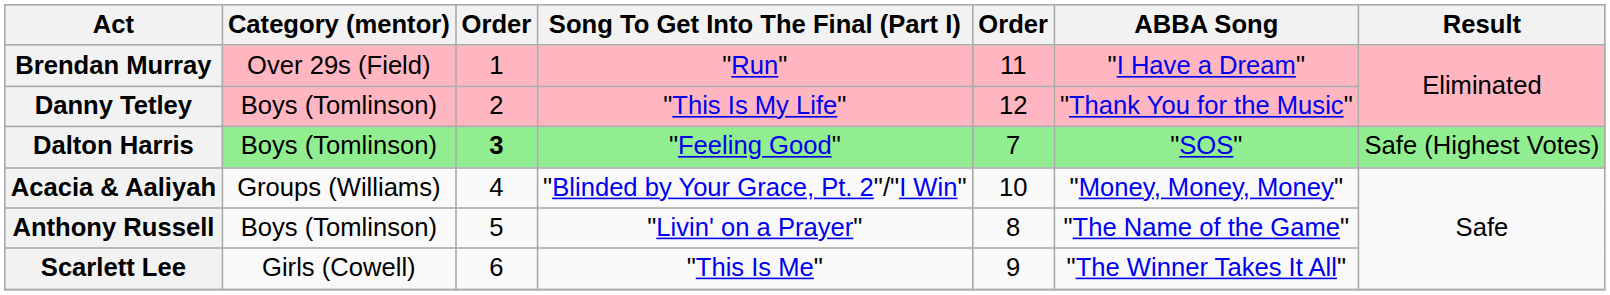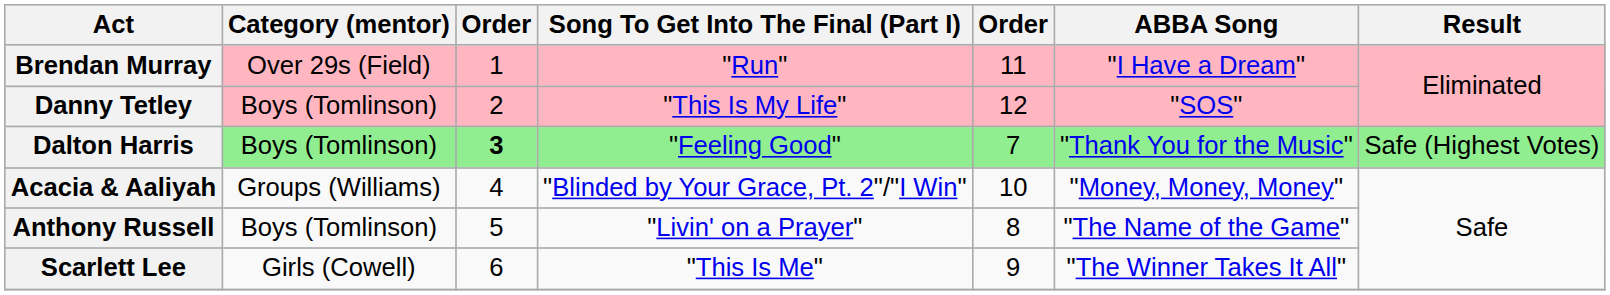 <table class="wikitable plainrowheaders" style="text-align:center;">
 <tr>
 <th scope="col">Act</th>
 <th scope="col">Category (mentor)</th>
 <th scope="col">Order</th>
 <th scope="col">Song To Get Into The Final (Part I)</th>
 <th scope="col">Order</th>
 <th scope="col">ABBA Song</th>
 <th scope="col">Result</th>
 </tr>
 <tr style="background:lightpink;">
 <th scope="row">Brendan Murray</th>
 <td>Over 29s (Field)</td>
 <td>1</td>
 <td>"<a href='#'>Run</a>"</td>
 <td>11</td>
 <td>"<a href='#'>I Have a Dream</a>"</td>
 <td rowspan=2>Eliminated</td>
 </tr>
 <tr style="background:lightpink;">
 <th scope="row">Danny Tetley</th>
 <td>Boys (Tomlinson)</td>
 <td>2</td>
 <td>"<a href='#'>This Is My Life</a>"</td>
 <td>12</td>
-<td>"<a href='#'>Thank You for the Music</a>"</td>
+<td>"<a href='#'>SOS</a>"</td>
 </tr>
 <tr style="background:lightgreen;">
 <th scope="row">Dalton Harris</th>
 <td>Boys (Tomlinson)</td>
 <td><strong>3</strong></td>
 <td>"<a href='#'>Feeling Good</a>"</td>
 <td>7</td>
-<td>"<a href='#'>SOS</a>"</td>
+<td>"<a href='#'>Thank You for the Music</a>"</td>
 <td>Safe (Highest Votes)</td>
 </tr>
 <tr>
 <th scope="row">Acacia & Aaliyah</th>
 <td>Groups (Williams)</td>
 <td>4</td>
 <td>"<a href='#'>Blinded by Your Grace, Pt. 2</a>"/"<a href='#'>I Win</a>"</td>
 <td>10</td>
 <td>"<a href='#'>Money, Money, Money</a>"</td>
 <td rowspan=3>Safe</td>
 </tr>
 <tr>
 <th scope="row">Anthony Russell</th>
 <td>Boys (Tomlinson)</td>
 <td>5</td>
 <td>"<a href='#'>Livin' on a Prayer</a>"</td>
 <td>8</td>
 <td>"<a href='#'>The Name of the Game</a>"</td>
 </tr>
 <tr>
 <th scope="row">Scarlett Lee</th>
 <td>Girls (Cowell)</td>
 <td>6</td>
 <td>"<a href='#'>This Is Me</a>"</td>
 <td>9</td>
 <td>"<a href='#'>The Winner Takes It All</a>"</td>
 </tr>
 <tr>
 </tr>
 </table>
